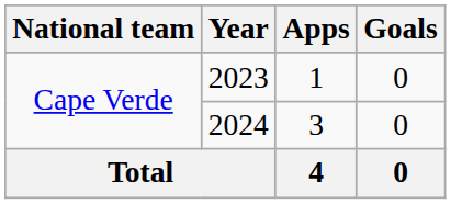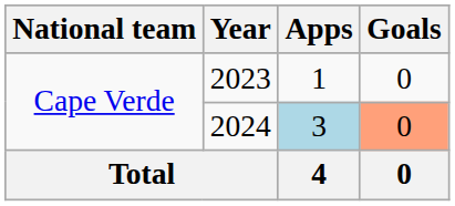 <table class="wikitable" style="text-align:center">
 <tr>
 <th>National team</th>
 <th>Year</th>
 <th>Apps</th>
 <th>Goals</th>
 </tr>
 <tr>
 <td rowspan="2"><a href='#'>Cape Verde</a></td>
 <td>2023</td>
 <td>1</td>
 <td>0</td>
 </tr>
 <tr>
 <td>2024</td>
-<td>3</td>
-<td>0</td>
+<td style="background: lightblue;">3</td>
+<td style="background: lightsalmon;">0</td>
 </tr>
 <tr>
 <th colspan="2">Total</th>
 <th>4</th>
 <th>0</th>
 </tr>
 </table>
